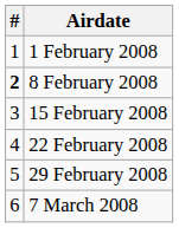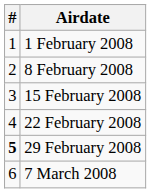 <table class="wikitable sortable">
 <tr>
 <th>#</th>
 <th>Airdate</th>
 </tr>
 <tr>
 <td>1</td>
 <td>1 February 2008</td>
 </tr>
 <tr>
-<td><strong>2</strong></td>
+<td>2</td>
 <td>8 February 2008</td>
 </tr>
 <tr>
 <td>3</td>
 <td>15 February 2008</td>
 </tr>
 <tr>
 <td>4</td>
 <td>22 February 2008</td>
 </tr>
 <tr>
-<td>5</td>
+<td><strong>5</strong></td>
 <td>29 February 2008</td>
 </tr>
 <tr>
 <td>6</td>
 <td>7 March 2008</td>
 </tr>
 </table>
